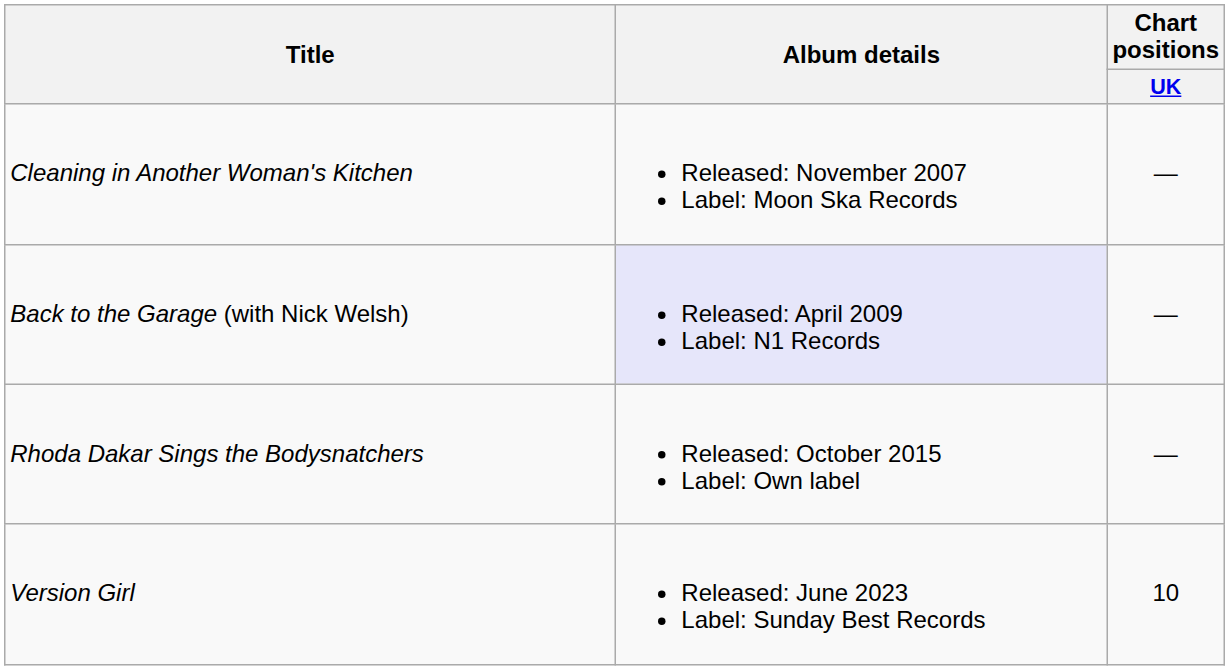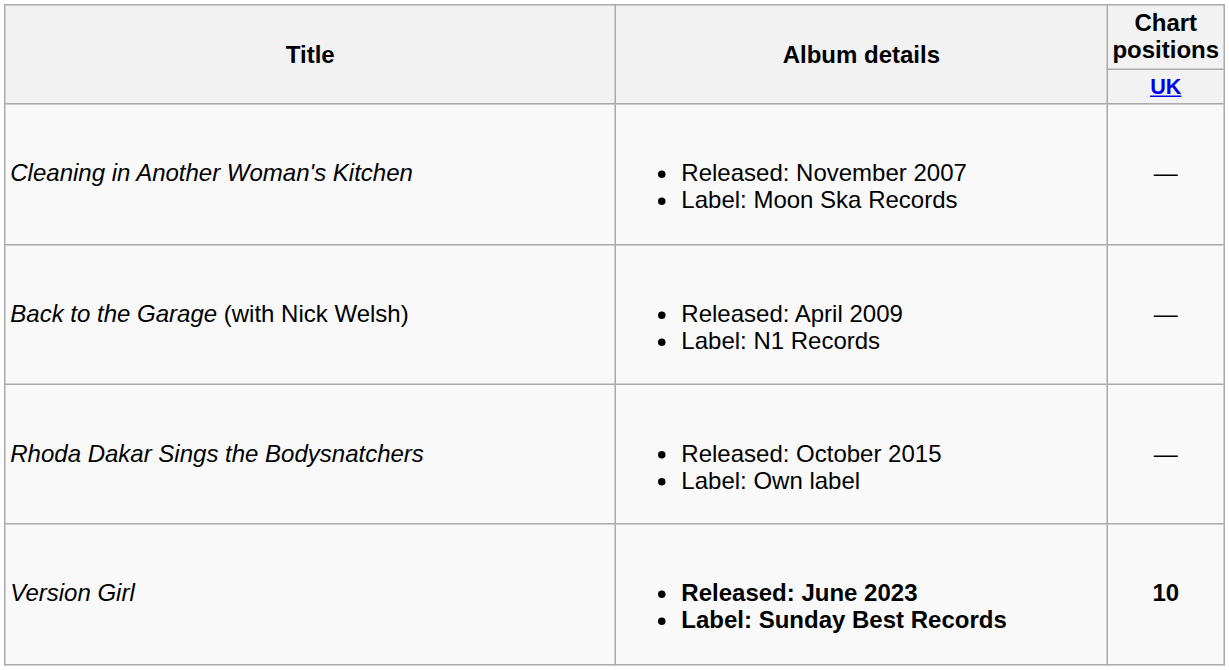 <table class="wikitable plainrowheaders">
 <tr>
 <th scope="col" rowspan="2" style="width:25em;">Title</th>
 <th scope="col" rowspan="2" style="width:20em;">Album details</th>
 <th scope="col" colspan="11">Chart positions</th>
 </tr>
 <tr>
 <th scope="col" style="width:3em;font-size:90%;"><a href='#'>UK</a><br></th>
 </tr>
 <tr>
 <td><em>Cleaning in Another Woman's Kitchen</em></td>
 <td><br><ul><li>Released: November 2007</li><li>Label: Moon Ska Records</li></ul></td>
 <td align="center">—</td>
 </tr>
 <tr>
 <td><em>Back to the Garage</em> (with Nick Welsh)</td>
-<td style="background: lavender;"><br><ul><li>Released: April 2009</li><li>Label: N1 Records</li></ul></td>
+<td><br><ul><li>Released: April 2009</li><li>Label: N1 Records</li></ul></td>
 <td align="center">—</td>
 </tr>
 <tr>
 <td><em>Rhoda Dakar Sings the Bodysnatchers</em></td>
 <td><br><ul><li>Released: October 2015</li><li>Label: Own label</li></ul></td>
 <td align="center">—</td>
 </tr>
 <tr>
 <td><em>Version Girl</em></td>
-<td><br><ul><li>Released: June 2023</li><li>Label: Sunday Best Records</li></ul></td>
-<td align="center">10</td>
+<td><strong><br><ul><li>Released: June 2023</li><li>Label: Sunday Best Records</li></ul></strong></td>
+<td align="center"><strong>10</strong></td>
 </tr>
 </table>
